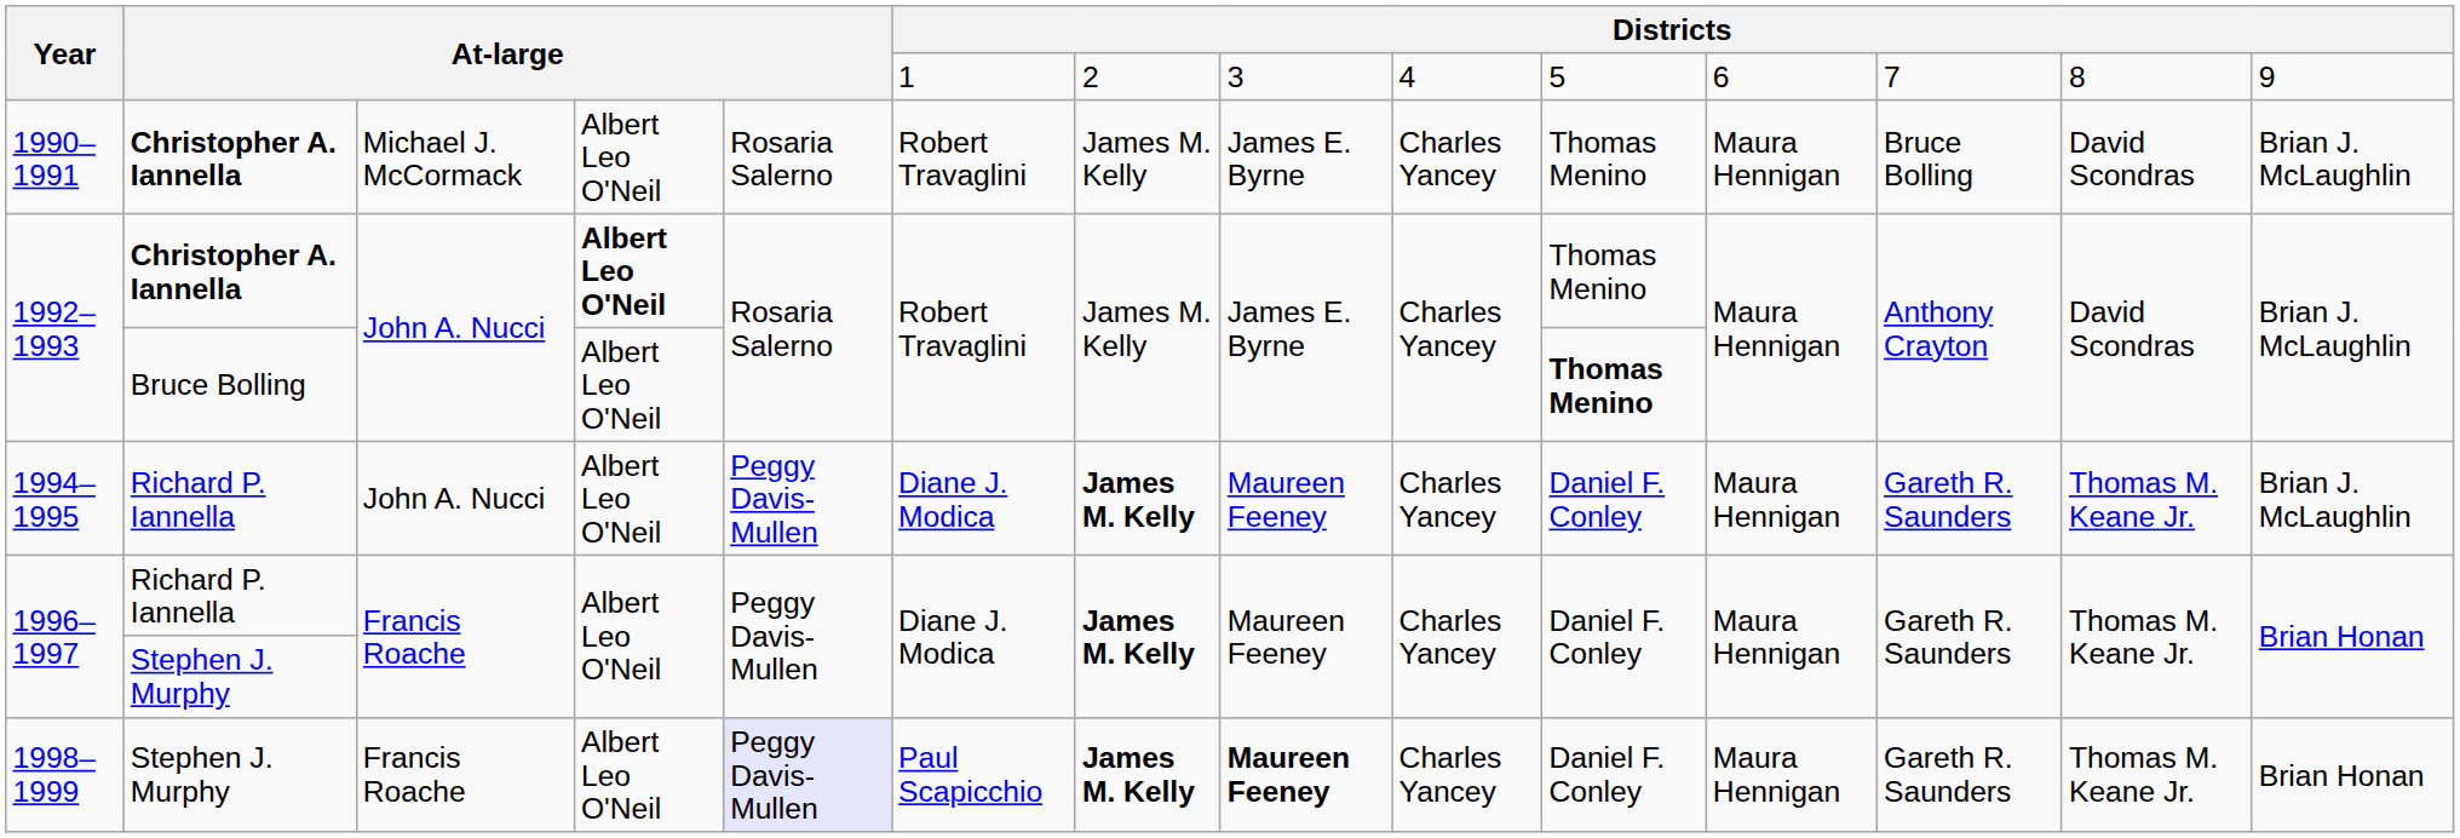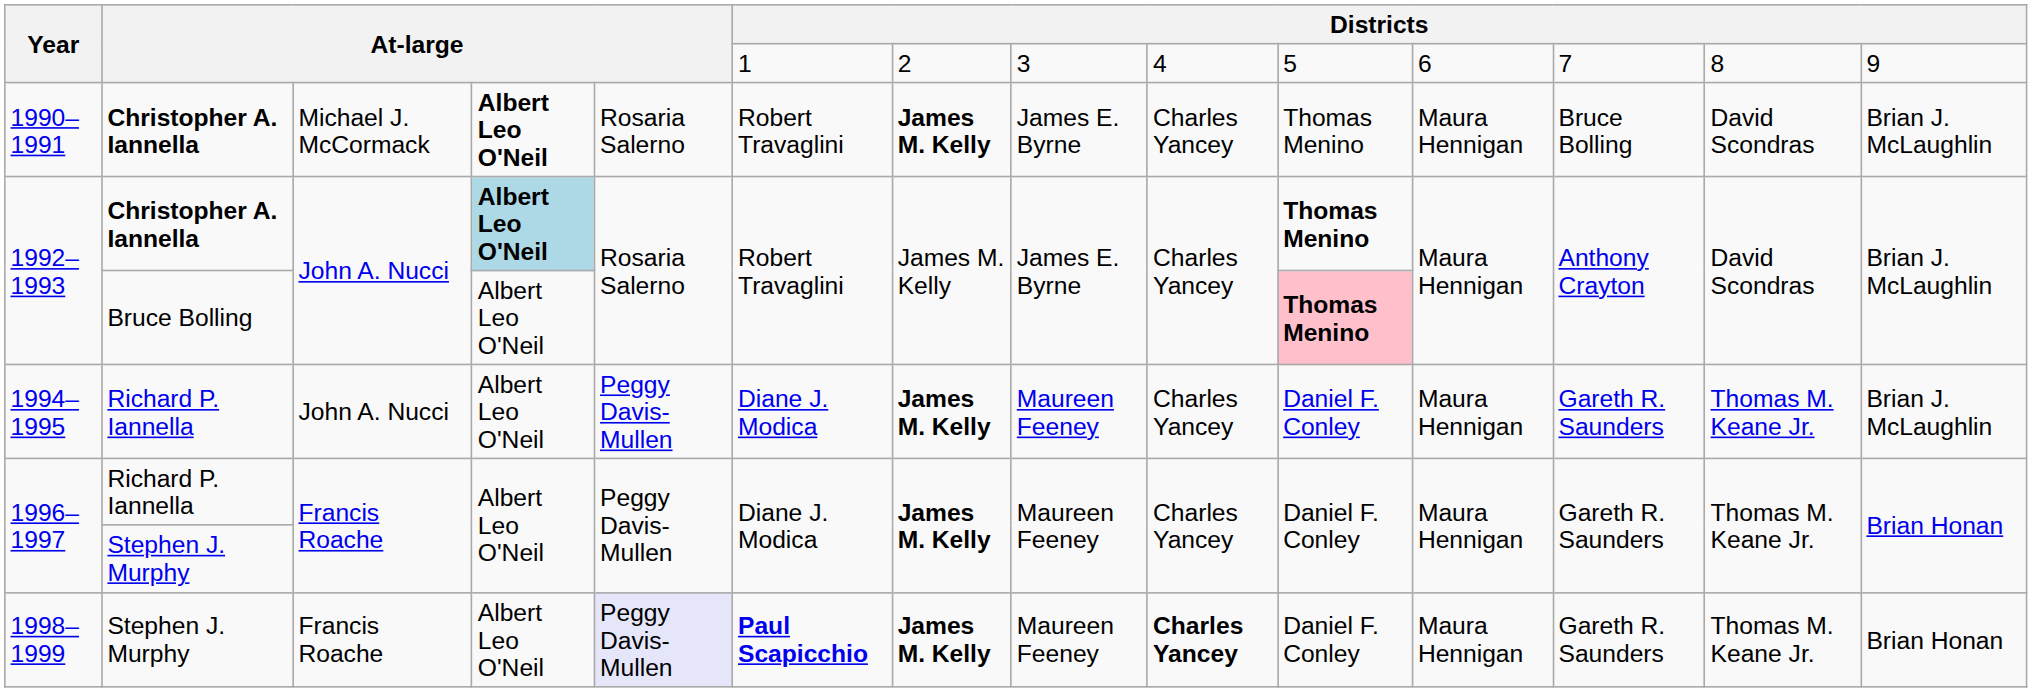 <table class=wikitable style="font-size: 95%;">
 <tr>
 <th rowspan=2>Year</th>
 <th rowspan=2 colspan=4>At-large</th>
 <th colspan=9>Districts</th>
 </tr>
 <tr>
 <td>1</td>
 <td>2</td>
 <td>3</td>
 <td>4</td>
 <td>5</td>
 <td>6</td>
 <td>7</td>
 <td>8</td>
 <td>9</td>
 </tr>
 <tr>
 <td><a href='#'>1990–1991</a></td>
 <td><strong>Christopher A. Iannella</strong></td>
 <td>Michael J. McCormack</td>
-<td>Albert Leo O'Neil</td>
+<td><strong>Albert Leo O'Neil</strong></td>
 <td>Rosaria Salerno</td>
 <td>Robert Travaglini</td>
-<td>James M. Kelly</td>
+<td><strong>James M. Kelly</strong></td>
 <td>James E. Byrne</td>
 <td>Charles Yancey</td>
 <td>Thomas Menino</td>
 <td>Maura Hennigan</td>
 <td>Bruce Bolling</td>
 <td>David Scondras</td>
 <td>Brian J. McLaughlin</td>
 </tr>
 <tr>
 <td rowspan=2><a href='#'>1992–1993</a></td>
 <td><strong>Christopher A. Iannella</strong></td>
 <td rowspan=2><a href='#'>John A. Nucci</a></td>
-<td><strong>Albert Leo O'Neil</strong></td>
+<td style="background: lightblue;"><strong>Albert Leo O'Neil</strong></td>
 <td rowspan=2>Rosaria Salerno</td>
 <td rowspan=2>Robert Travaglini</td>
 <td rowspan=2>James M. Kelly</td>
 <td rowspan=2>James E. Byrne</td>
 <td rowspan=2>Charles Yancey</td>
-<td>Thomas Menino</td>
+<td><strong>Thomas Menino</strong></td>
 <td rowspan=2>Maura Hennigan</td>
 <td rowspan=2><a href='#'>Anthony Crayton</a></td>
 <td rowspan=2>David Scondras</td>
 <td rowspan=2>Brian J. McLaughlin</td>
 </tr>
 <tr>
 <td>Bruce Bolling</td>
 <td>Albert Leo O'Neil</td>
-<td><strong>Thomas Menino</strong></td>
+<td style="background: pink;"><strong>Thomas Menino</strong></td>
 </tr>
 <tr>
 <td><a href='#'>1994–1995</a></td>
 <td><a href='#'>Richard P. Iannella</a></td>
 <td>John A. Nucci</td>
 <td>Albert Leo O'Neil</td>
 <td><a href='#'>Peggy Davis-Mullen</a></td>
 <td><a href='#'>Diane J. Modica</a></td>
 <td><strong>James M. Kelly</strong></td>
 <td><a href='#'>Maureen Feeney</a></td>
 <td>Charles Yancey</td>
 <td><a href='#'>Daniel F. Conley</a></td>
 <td>Maura Hennigan</td>
 <td><a href='#'>Gareth R. Saunders</a></td>
 <td><a href='#'>Thomas M. Keane Jr.</a></td>
 <td>Brian J. McLaughlin</td>
 </tr>
 <tr>
 <td rowspan=2><a href='#'>1996–1997</a></td>
 <td>Richard P. Iannella</td>
 <td rowspan=2><a href='#'>Francis Roache</a></td>
 <td rowspan=2>Albert Leo O'Neil</td>
 <td rowspan=2>Peggy Davis-Mullen</td>
 <td rowspan=2>Diane J. Modica</td>
 <td rowspan=2><strong>James M. Kelly</strong></td>
 <td rowspan=2>Maureen Feeney</td>
 <td rowspan=2>Charles Yancey</td>
 <td rowspan=2>Daniel F. Conley</td>
 <td rowspan=2>Maura Hennigan</td>
 <td rowspan=2>Gareth R. Saunders</td>
 <td rowspan=2>Thomas M. Keane Jr.</td>
 <td rowspan=2><a href='#'>Brian Honan</a></td>
 </tr>
 <tr>
 <td><a href='#'>Stephen J. Murphy</a></td>
 </tr>
 <tr>
 <td><a href='#'>1998–1999</a></td>
 <td>Stephen J. Murphy</td>
 <td>Francis Roache</td>
 <td>Albert Leo O'Neil</td>
 <td style="background: lavender;">Peggy Davis-Mullen</td>
-<td><a href='#'>Paul Scapicchio</a></td>
+<td><strong><a href='#'>Paul Scapicchio</a></strong></td>
 <td><strong>James M. Kelly</strong></td>
-<td><strong>Maureen Feeney</strong></td>
-<td>Charles Yancey</td>
+<td>Maureen Feeney</td>
+<td><strong>Charles Yancey</strong></td>
 <td>Daniel F. Conley</td>
 <td>Maura Hennigan</td>
 <td>Gareth R. Saunders</td>
 <td>Thomas M. Keane Jr.</td>
 <td>Brian Honan</td>
 </tr>
 </table>
